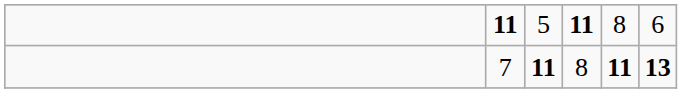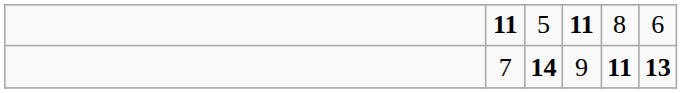 <table class="wikitable">
 <tr>
 <td style="width:18em"></td>
 <td align=center style="width:1em"><strong>11</strong></td>
 <td align=center style="width:1em">5</td>
 <td align=center style="width:1em"><strong>11</strong></td>
 <td align=center style="width:1em">8</td>
 <td align=center style="width:1em">6</td>
 </tr>
 <tr>
 <td style="width:18em"><strong></strong></td>
 <td align=center style="width:1em">7</td>
-<td align=center style="width:1em"><strong>11</strong></td>
-<td align=center style="width:1em">8</td>
+<td align=center style="width:1em"><strong>14</strong></td>
+<td align=center style="width:1em">9</td>
 <td align=center style="width:1em"><strong>11</strong></td>
 <td align=center style="width:1em"><strong>13</strong></td>
 </tr>
 </table>
